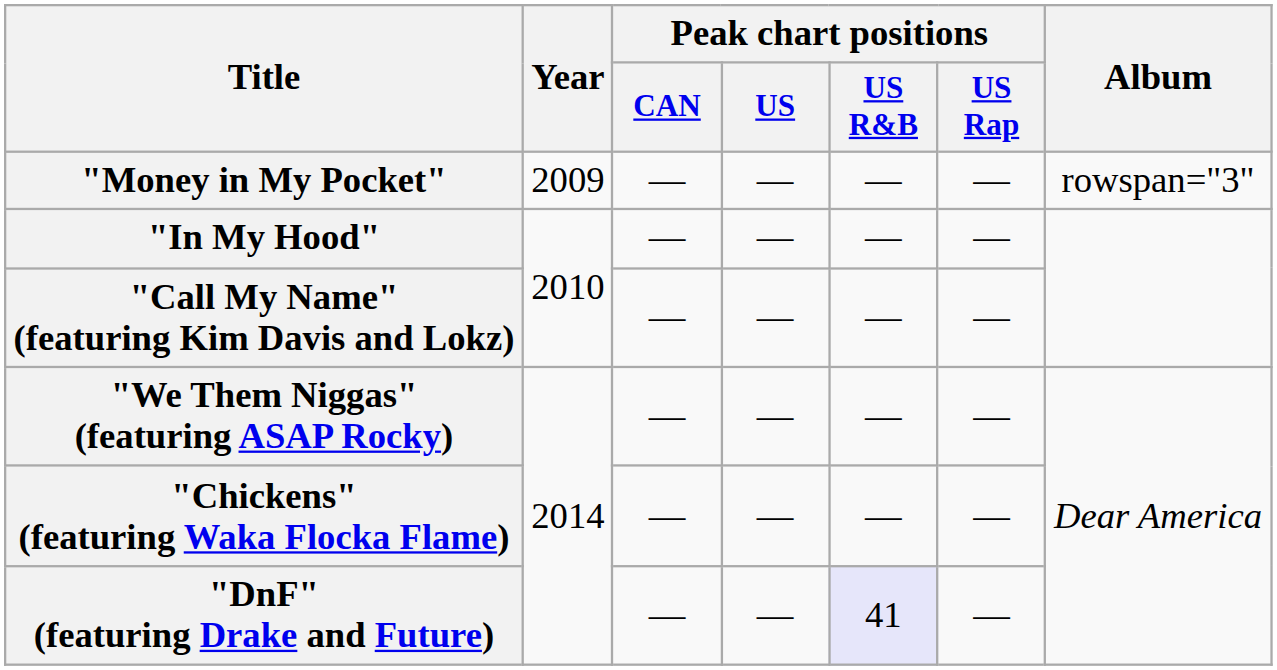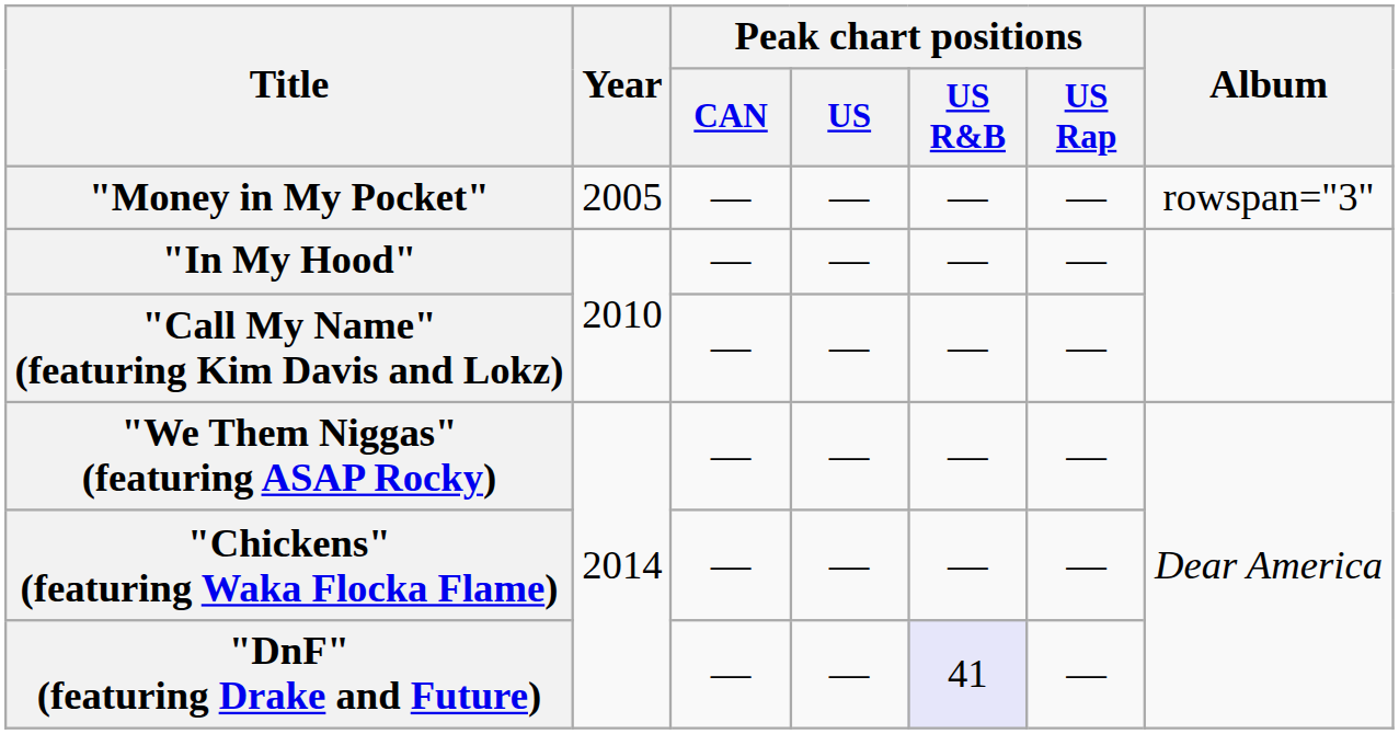 <table class="wikitable plainrowheaders" style="text-align:center;" border="1">
 <tr>
 <th scope="col" rowspan="2">Title</th>
 <th scope="col" rowspan="2">Year</th>
 <th scope="col" colspan="4">Peak chart positions</th>
 <th scope="col" rowspan="2">Album</th>
 </tr>
 <tr>
 <th scope="col" style="width:3em;font-size:85%;"><a href='#'>CAN</a></th>
 <th scope="col" style="width:3em;font-size:85%;"><a href='#'>US</a></th>
 <th scope="col" style="width:3em;font-size:85%;"><a href='#'>US R&B</a></th>
 <th scope="col" style="width:3em;font-size:85%;"><a href='#'>US Rap</a></th>
 </tr>
 <tr>
 <th scope="row">"Money in My Pocket"</th>
-<td>2009</td>
+<td>2005</td>
 <td>—</td>
 <td>—</td>
 <td>—</td>
 <td>—</td>
 <td>rowspan="3" </td>
 </tr>
 <tr>
 <th scope="row">"In My Hood"</th>
 <td rowspan="2">2010</td>
 <td>—</td>
 <td>—</td>
 <td>—</td>
 <td>—</td>
 </tr>
 <tr>
 <th scope="row">"Call My Name"<br><span>(featuring Kim Davis and Lokz)</span></th>
 <td>—</td>
 <td>—</td>
 <td>—</td>
 <td>—</td>
 </tr>
 <tr>
 <th scope="row">"We Them Niggas"<br><span>(featuring <a href='#'>ASAP Rocky</a>)</span></th>
 <td rowspan="3">2014</td>
 <td>—</td>
 <td>—</td>
 <td>—</td>
 <td>—</td>
 <td rowspan="3"><em>Dear America</em></td>
 </tr>
 <tr>
 <th scope="row">"Chickens"<br><span>(featuring <a href='#'>Waka Flocka Flame</a>)</span></th>
 <td>—</td>
 <td>—</td>
 <td>—</td>
 <td>—</td>
 </tr>
 <tr>
 <th scope="row">"DnF"<br><span>(featuring <a href='#'>Drake</a> and <a href='#'>Future</a>)</span></th>
 <td>—</td>
 <td>—</td>
 <td style="background: lavender;">41</td>
 <td>—</td>
 </tr>
 </table>
